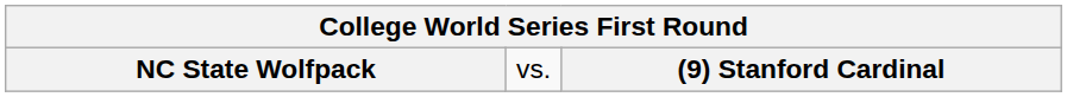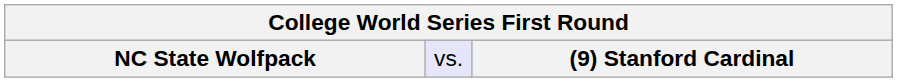 <table class="wikitable">
 <tr>
 <th style="width: 604px;" colspan=3>College World Series First Round</th>
 </tr>
 <tr>
 <th style="width: 289px; ">NC State Wolfpack</th>
-<td style="width: 25px; text-align:center">vs.</td>
+<td style="background: lavender; width: 25px; text-align:center">vs.</td>
 <th style="width: 289px; ">(9) Stanford Cardinal</th>
 </tr>
 </table>
